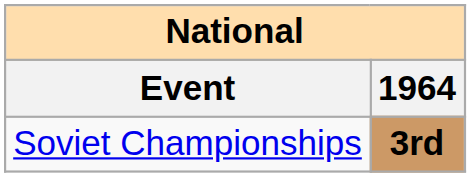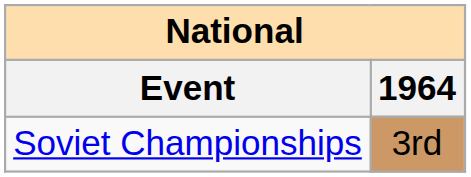 <table class="wikitable" style="text-align:center">
 <tr>
 <th style="background-color: #ffdead; " colspan=2 align=center><strong>National</strong></th>
 </tr>
 <tr>
 <th>Event</th>
 <th>1964</th>
 </tr>
 <tr>
 <td align=left><a href='#'>Soviet Championships</a></td>
-<td bgcolor=cc9966><strong>3rd</strong></td>
+<td bgcolor=cc9966>3rd</td>
 </tr>
 </table>
